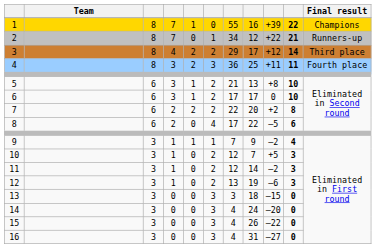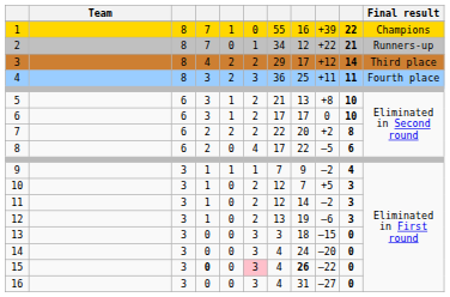 <table class=wikitable style="text-align:center">
 <tr>
 <th width="25"></th>
 <th width="180">Team</th>
 <th width="25"></th>
 <th width="25"></th>
 <th width="25"></th>
 <th width="25"></th>
 <th width="25"></th>
 <th width="25"></th>
 <th width="25"></th>
 <th width="25"></th>
 <th width="100">Final result</th>
 </tr>
 <tr>
 </tr>
 <tr style="background: #FFD700;">
 <td>1</td>
 <td align=left></td>
 <td>8</td>
 <td>7</td>
 <td>1</td>
 <td>0</td>
 <td>55</td>
 <td>16</td>
 <td>+39</td>
 <td><strong>22</strong></td>
 <td>Champions</td>
 </tr>
 <tr style="background: #C0C0C0;">
 <td>2</td>
 <td align=left></td>
 <td>8</td>
 <td>7</td>
 <td>0</td>
 <td>1</td>
 <td>34</td>
 <td>12</td>
 <td>+22</td>
 <td><strong>21</strong></td>
 <td>Runners-up</td>
 </tr>
 <tr style="background: #CD7F32;">
 <td>3</td>
 <td align=left></td>
 <td>8</td>
 <td>4</td>
 <td>2</td>
 <td>2</td>
 <td>29</td>
 <td>17</td>
 <td>+12</td>
 <td><strong>14</strong></td>
 <td>Third place</td>
 </tr>
 <tr bgcolor=#9acdff>
 <td>4</td>
 <td align=left></td>
 <td>8</td>
 <td>3</td>
 <td>2</td>
 <td>3</td>
 <td>36</td>
 <td>25</td>
 <td>+11</td>
 <td><strong>11</strong></td>
 <td>Fourth place</td>
 </tr>
 <tr style="border-top:8px solid #BBBBBB;">
 <td>5</td>
 <td align=left></td>
 <td>6</td>
 <td>3</td>
 <td>1</td>
 <td>2</td>
 <td>21</td>
 <td>13</td>
 <td>+8</td>
 <td><strong>10</strong></td>
 <td rowspan=4>Eliminated in <a href='#'>Second round</a></td>
 </tr>
 <tr>
 <td>6</td>
 <td align=left></td>
 <td>6</td>
 <td>3</td>
 <td>1</td>
 <td>2</td>
 <td>17</td>
 <td>17</td>
 <td>0</td>
 <td><strong>10</strong></td>
 </tr>
 <tr>
 <td>7</td>
 <td align=left></td>
 <td>6</td>
 <td>2</td>
 <td>2</td>
 <td>2</td>
 <td>22</td>
 <td>20</td>
 <td>+2</td>
 <td><strong>8</strong></td>
 </tr>
 <tr>
 <td>8</td>
 <td align=left></td>
 <td>6</td>
 <td>2</td>
 <td>0</td>
 <td>4</td>
 <td>17</td>
 <td>22</td>
 <td>–5</td>
 <td><strong>6</strong></td>
 </tr>
 <tr style="border-top:8px solid #BBBBBB;">
 <td>9</td>
 <td align=left></td>
 <td>3</td>
 <td>1</td>
 <td>1</td>
 <td>1</td>
 <td>7</td>
 <td>9</td>
 <td>–2</td>
 <td><strong>4</strong></td>
 <td rowspan=8>Eliminated in <a href='#'>First round</a></td>
 </tr>
 <tr>
 <td>10</td>
 <td align=left></td>
 <td>3</td>
 <td>1</td>
 <td>0</td>
 <td>2</td>
 <td>12</td>
 <td>7</td>
 <td>+5</td>
 <td><strong>3</strong></td>
 </tr>
 <tr>
 <td>11</td>
 <td align=left></td>
 <td>3</td>
 <td>1</td>
 <td>0</td>
 <td>2</td>
 <td>12</td>
 <td>14</td>
 <td>–2</td>
 <td><strong>3</strong></td>
 </tr>
 <tr>
 <td>12</td>
 <td align=left></td>
 <td>3</td>
 <td>1</td>
 <td>0</td>
 <td>2</td>
 <td>13</td>
 <td>19</td>
 <td>–6</td>
 <td><strong>3</strong></td>
 </tr>
 <tr>
 <td>13</td>
 <td align=left></td>
 <td>3</td>
 <td>0</td>
 <td>0</td>
 <td>3</td>
 <td>3</td>
 <td>18</td>
 <td>–15</td>
 <td><strong>0</strong></td>
 </tr>
 <tr>
 <td>14</td>
 <td align=left></td>
 <td>3</td>
 <td>0</td>
 <td>0</td>
 <td>3</td>
 <td>4</td>
 <td>24</td>
 <td>–20</td>
 <td><strong>0</strong></td>
 </tr>
 <tr>
 <td>15</td>
 <td align=left></td>
 <td>3</td>
+<td><strong>0</strong></td>
 <td>0</td>
-<td>0</td>
-<td>3</td>
+<td style="background: pink;">3</td>
 <td>4</td>
-<td>26</td>
+<td><strong>26</strong></td>
 <td>–22</td>
 <td><strong>0</strong></td>
 </tr>
 <tr>
 <td>16</td>
 <td align=left></td>
 <td>3</td>
 <td>0</td>
 <td>0</td>
 <td>3</td>
 <td>4</td>
 <td>31</td>
 <td>–27</td>
 <td><strong>0</strong></td>
 </tr>
 </table>
